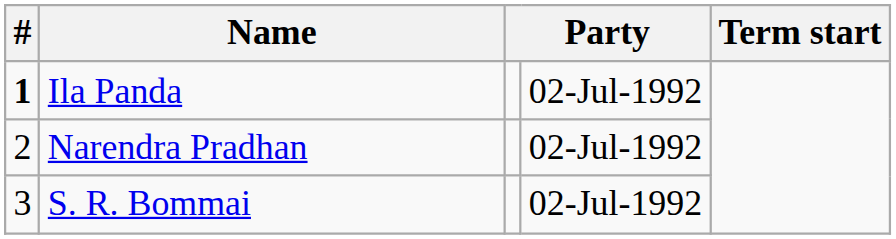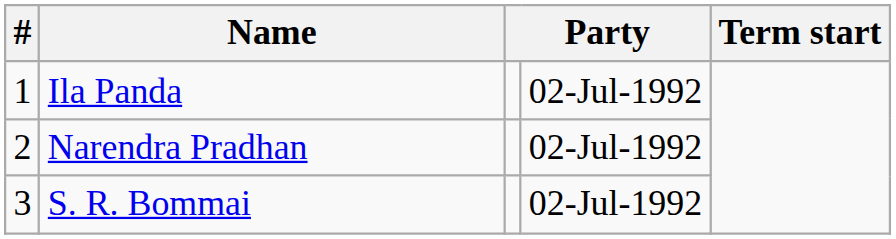 <table class="wikitable">
 <tr>
 <th>#</th>
 <th style="width:200px">Name</th>
 <th colspan="2">Party</th>
 <th>Term start</th>
 </tr>
 <tr>
-<td><strong>1</strong></td>
+<td>1</td>
 <td><a href='#'>Ila Panda</a></td>
 <td></td>
 <td>02-Jul-1992</td>
 </tr>
 <tr>
 <td>2</td>
 <td><a href='#'>Narendra Pradhan</a></td>
 <td></td>
 <td>02-Jul-1992</td>
 </tr>
 <tr>
 <td>3</td>
 <td><a href='#'>S. R. Bommai</a></td>
 <td></td>
 <td>02-Jul-1992</td>
 </tr>
 </table>
